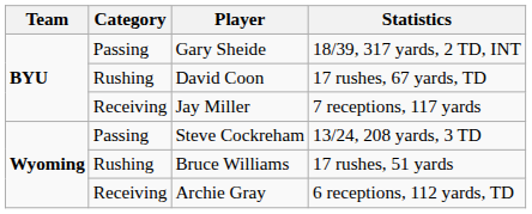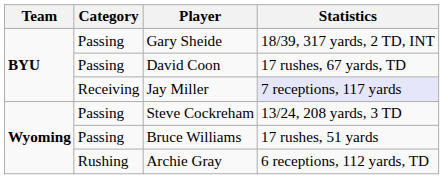 <table class="wikitable" style="float: left;">
 <tr>
 <th>Team</th>
 <th>Category</th>
 <th>Player</th>
 <th>Statistics</th>
 </tr>
 <tr>
 <td rowspan=3><strong>BYU</strong></td>
 <td>Passing</td>
 <td>Gary Sheide</td>
 <td>18/39, 317 yards, 2 TD, INT</td>
 </tr>
 <tr>
-<td>Rushing</td>
+<td>Passing</td>
 <td>David Coon</td>
 <td>17 rushes, 67 yards, TD</td>
 </tr>
 <tr>
 <td>Receiving</td>
 <td>Jay Miller</td>
-<td>7 receptions, 117 yards</td>
+<td style="background: lavender;">7 receptions, 117 yards</td>
 </tr>
 <tr>
 <td rowspan=3><strong>Wyoming</strong></td>
 <td>Passing</td>
 <td>Steve Cockreham</td>
 <td>13/24, 208 yards, 3 TD</td>
 </tr>
 <tr>
-<td>Rushing</td>
+<td>Passing</td>
 <td>Bruce Williams</td>
 <td>17 rushes, 51 yards</td>
 </tr>
 <tr>
-<td>Receiving</td>
+<td>Rushing</td>
 <td>Archie Gray</td>
 <td>6 receptions, 112 yards, TD</td>
 </tr>
 </table>
